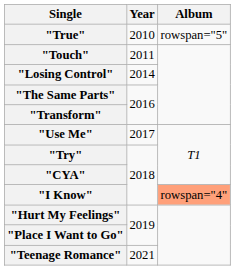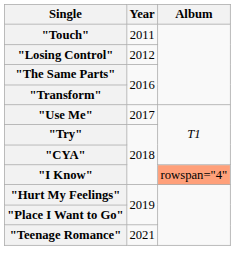 <table class="wikitable">
 <tr>
 <th>Single</th>
 <th>Year</th>
 <th>Album</th>
 </tr>
 <tr>
-<th scope="row">"True"</th>
-<td align = "center">2010</td>
-<td>rowspan="5" </td>
-</tr>
-<tr>
 <th scope="row">"Touch"</th>
 <td align = "center">2011</td>
 </tr>
 <tr>
 <th scope="row">"Losing Control"</th>
-<td align = "center">2014</td>
+<td align = "center">2012</td>
 </tr>
 <tr>
 <th scope="row">"The Same Parts"</th>
 <td rowspan="2">2016</td>
 </tr>
 <tr>
 <th scope="row">"Transform"</th>
 </tr>
 <tr>
 <th scope="row">"Use Me"</th>
 <td align = "center">2017</td>
 <td align = "center" rowspan="3"><em>T1</em></td>
 </tr>
 <tr>
 <th scope="row">"Try"<br></th>
 <td rowspan="3">2018</td>
 </tr>
 <tr>
 <th scope="row">"CYA"</th>
 </tr>
 <tr>
 <th scope="row">"I Know"<br></th>
 <td style="background: lightsalmon;">rowspan="4" </td>
 </tr>
 <tr>
 <th scope="row">"Hurt My Feelings"</th>
 <td rowspan="2">2019</td>
 </tr>
 <tr>
 <th scope="row">"Place I Want to Go"<br></th>
 </tr>
 <tr>
 <th scope="row">"Teenage Romance"</th>
 <td align = "center">2021</td>
 </tr>
 </table>
